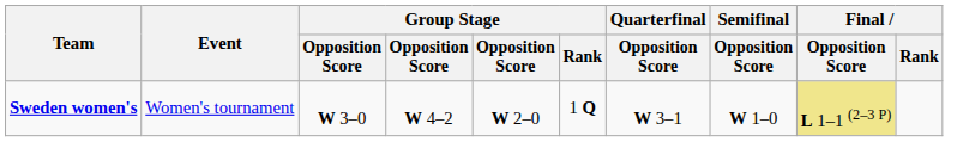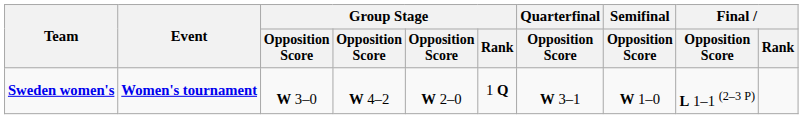 <table class="wikitable" style="font-size:90%">
 <tr>
 <th rowspan=2>Team</th>
 <th rowspan=2>Event</th>
 <th colspan=4>Group Stage</th>
 <th>Quarterfinal</th>
 <th>Semifinal</th>
 <th colspan=2>Final / </th>
 </tr>
 <tr style="font-size:95%">
 <th>Opposition<br>Score</th>
 <th>Opposition<br>Score</th>
 <th>Opposition<br>Score</th>
 <th>Rank</th>
 <th>Opposition<br>Score</th>
 <th>Opposition<br>Score</th>
 <th>Opposition<br>Score</th>
 <th>Rank</th>
 </tr>
 <tr align=center>
 <td align=left><strong><a href='#'>Sweden women's</a></strong></td>
-<td align=left><a href='#'>Women's tournament</a></td>
+<td align=left><strong><a href='#'>Women's tournament</a></strong></td>
 <td><br><strong>W</strong> 3–0</td>
 <td><br><strong>W</strong> 4–2</td>
 <td><br><strong>W</strong> 2–0</td>
 <td>1 <strong>Q</strong></td>
 <td><br><strong>W</strong> 3–1</td>
 <td><br><strong>W</strong> 1–0</td>
-<td style="background: khaki;"><br><strong>L</strong> 1–1 <sup>(2–3 P)</sup></td>
+<td><br><strong>L</strong> 1–1 <sup>(2–3 P)</sup></td>
 <td></td>
 </tr>
 </table>
